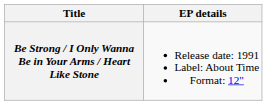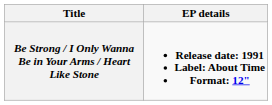 <table class="wikitable plainrowheaders" style="text-align:center">
 <tr>
 <th scope="col" style="width:12em;">Title</th>
 <th scope="col">EP details</th>
 </tr>
 <tr>
 <th scope="row"><em>Be Strong / I Only Wanna Be in Your Arms / Heart Like Stone</em></th>
-<td><br><ul><li>Release date: 1991</li><li>Label: About Time</li><li>Format: <a href='#'>12"</a></li></ul></td>
+<td><strong><br><ul><li>Release date: 1991</li><li>Label: About Time</li><li>Format: <a href='#'>12"</a></li></ul></strong></td>
 </tr>
 </table>
